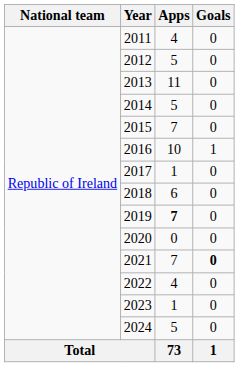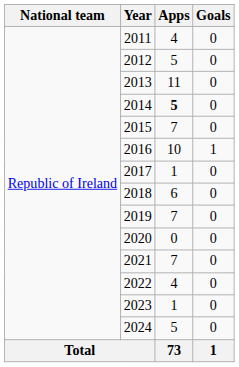 <table class=wikitable style=text-align:center>
 <tr>
 <th>National team</th>
 <th>Year</th>
 <th>Apps</th>
 <th>Goals</th>
 </tr>
 <tr>
 <td rowspan=14><a href='#'>Republic of Ireland</a></td>
 <td>2011</td>
 <td>4</td>
 <td>0</td>
 </tr>
 <tr>
 <td>2012</td>
 <td>5</td>
 <td>0</td>
 </tr>
 <tr>
 <td>2013</td>
 <td>11</td>
 <td>0</td>
 </tr>
 <tr>
 <td>2014</td>
-<td>5</td>
+<td><strong>5</strong></td>
 <td>0</td>
 </tr>
 <tr>
 <td>2015</td>
 <td>7</td>
 <td>0</td>
 </tr>
 <tr>
 <td>2016</td>
 <td>10</td>
 <td>1</td>
 </tr>
 <tr>
 <td>2017</td>
 <td>1</td>
 <td>0</td>
 </tr>
 <tr>
 <td>2018</td>
 <td>6</td>
 <td>0</td>
 </tr>
 <tr>
 <td>2019</td>
-<td><strong>7</strong></td>
+<td>7</td>
 <td>0</td>
 </tr>
 <tr>
 <td>2020</td>
 <td>0</td>
 <td>0</td>
 </tr>
 <tr>
 <td>2021</td>
 <td>7</td>
-<td><strong>0</strong></td>
+<td>0</td>
 </tr>
 <tr>
 <td>2022</td>
 <td>4</td>
 <td>0</td>
 </tr>
 <tr>
 <td>2023</td>
 <td>1</td>
 <td>0</td>
 </tr>
 <tr>
 <td>2024</td>
 <td>5</td>
 <td>0</td>
 </tr>
 <tr>
 <th colspan=2>Total</th>
 <th>73</th>
 <th>1</th>
 </tr>
 </table>
